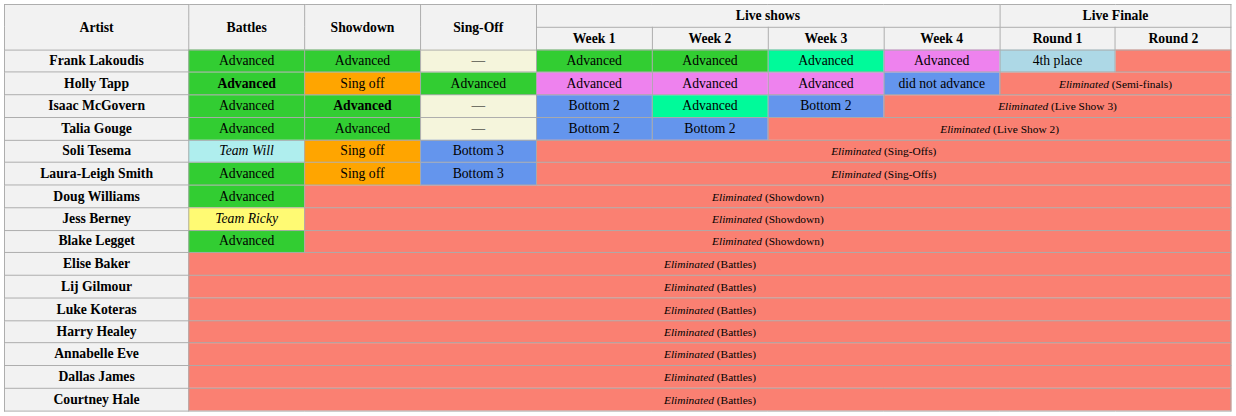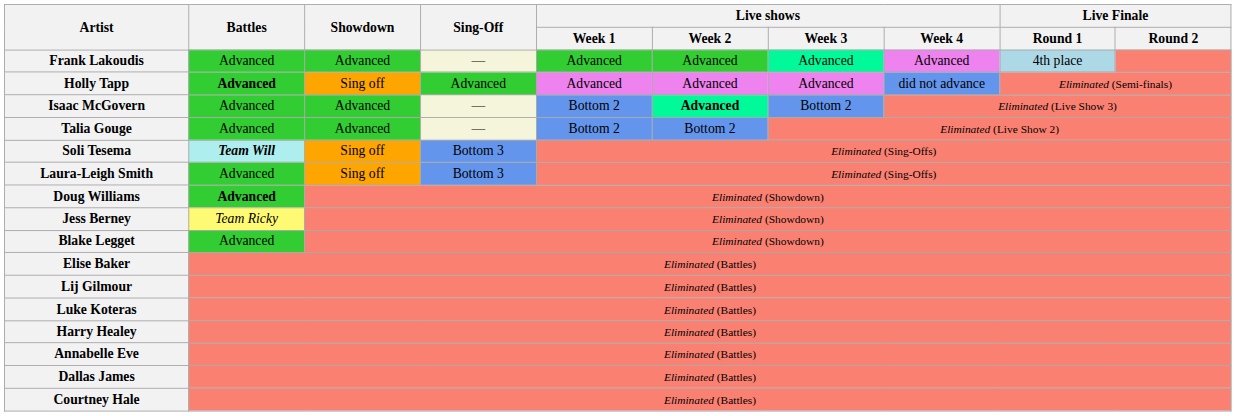 <table class="wikitable plainrowheaders"  style="text-align:center; font-size:90%;">
 <tr>
 <th rowspan="2" style="width:13em;">Artist</th>
 <th rowspan="2" style="width:8em;">Battles</th>
 <th rowspan="2" style="width:8em;">Showdown</th>
 <th rowspan="2" style="width:8em;">Sing-Off</th>
 <th colspan="4" style="width:8em;">Live shows</th>
 <th colspan="2" style="width:8em;">Live Finale</th>
 </tr>
 <tr>
 <th style="width:8em;">Week 1</th>
 <th style="width:8em;">Week 2</th>
 <th style="width:8em;">Week 3</th>
 <th style="width:8em;">Week 4</th>
 <th style="width:8em;">Round 1</th>
 <th style="width:8em;">Round 2</th>
 </tr>
 <tr>
 <th>Frank Lakoudis</th>
 <td style="background:limegreen;">Advanced</td>
 <td style="background:limegreen">Advanced</td>
 <td style="background:beige;">—</td>
 <td style="background:limegreen;">Advanced</td>
 <td style="background:limegreen;">Advanced</td>
 <td style="background:#00FA9A">Advanced</td>
 <td style="background:violet">Advanced</td>
 <td style="background:lightblue">4th place</td>
 <td style="background:salmon"></td>
 </tr>
 <tr>
 <th>Holly Tapp</th>
 <td style="background:limegreen;"><strong>Advanced</strong></td>
 <td style="background:orange;">Sing off</td>
 <td style="background:limegreen">Advanced</td>
 <td style="background:violet">Advanced</td>
 <td style="background:violet">Advanced</td>
 <td style="background:violet">Advanced</td>
 <td style="background:cornflowerblue">did not advance</td>
 <td colspan="7" style="background:salmon"><small><em>Eliminated</em> (Semi-finals)</small></td>
 </tr>
 <tr>
 <th>Isaac McGovern</th>
 <td style="background:limegreen;">Advanced</td>
-<td style="background:limegreen"><strong>Advanced</strong></td>
+<td style="background:limegreen">Advanced</td>
 <td style="background:beige;">—</td>
 <td style="background:cornflowerblue">Bottom 2</td>
-<td style="background:#00FA9A">Advanced</td>
+<td style="background:#00FA9A"><strong>Advanced</strong></td>
 <td style="background:cornflowerblue">Bottom 2</td>
 <td colspan="7" style="background:salmon"><small><em>Eliminated</em> (Live Show 3)</small></td>
 </tr>
 <tr>
 <th>Talia Gouge</th>
 <td style="background:limegreen;">Advanced</td>
 <td style="background:limegreen">Advanced</td>
 <td style="background:beige;">—</td>
 <td style="background:cornflowerblue">Bottom 2</td>
 <td style="background:cornflowerblue">Bottom 2</td>
 <td colspan="7" style="background:salmon"><small><em>Eliminated</em> (Live Show 2)</small></td>
 </tr>
 <tr>
 <th>Soli Tesema</th>
-<td style="background:#afeeee"><em>Team Will</em></td>
+<td style="background:#afeeee"><strong><em>Team Will</em></strong></td>
 <td style="background:orange;">Sing off</td>
 <td style="background:cornflowerblue">Bottom 3</td>
 <td colspan="8" style="background:salmon"><small><em>Eliminated</em> (Sing-Offs)</small></td>
 </tr>
 <tr>
 <th>Laura-Leigh Smith</th>
 <td style="background:limegreen;">Advanced</td>
 <td style="background:orange;">Sing off</td>
 <td style="background:cornflowerblue">Bottom 3</td>
 <td colspan="8" style="background:salmon"><small><em>Eliminated</em> (Sing-Offs)</small></td>
 </tr>
 <tr>
 <th>Doug Williams</th>
-<td style="background:limegreen;">Advanced</td>
+<td style="background:limegreen;"><strong>Advanced</strong></td>
 <td colspan="9" style="background:salmon"><small><em>Eliminated</em> (Showdown)</small></td>
 </tr>
 <tr>
 <th>Jess Berney</th>
 <td style="background:#fffa73"><em>Team Ricky</em></td>
 <td colspan="9" style="background:salmon"><small><em>Eliminated</em> (Showdown)</small></td>
 </tr>
 <tr>
 <th>Blake Legget</th>
 <td style="background:limegreen;">Advanced</td>
 <td colspan="9" style="background:salmon"><small><em>Eliminated</em> (Showdown)</small></td>
 </tr>
 <tr>
 <th>Elise Baker</th>
 <td colspan="9" style="background:salmon"><small><em>Eliminated</em> (Battles)</small></td>
 </tr>
 <tr>
 <th>Lij Gilmour</th>
 <td colspan="9" style="background:salmon"><small><em>Eliminated</em> (Battles)</small></td>
 </tr>
 <tr>
 <th>Luke Koteras</th>
 <td colspan="9" style="background:salmon"><small><em>Eliminated</em> (Battles)</small></td>
 </tr>
 <tr>
 <th>Harry Healey</th>
 <td colspan="9" style="background:salmon"><small><em>Eliminated</em> (Battles)</small></td>
 </tr>
 <tr>
 <th>Annabelle Eve</th>
 <td colspan="9" style="background:salmon"><small><em>Eliminated</em> (Battles)</small></td>
 </tr>
 <tr>
 <th>Dallas James</th>
 <td colspan="9" style="background:salmon"><small><em>Eliminated</em> (Battles)</small></td>
 </tr>
 <tr>
 <th>Courtney Hale</th>
 <td colspan="9" style="background:salmon"><small><em>Eliminated</em> (Battles)</small></td>
 </tr>
 </table>
